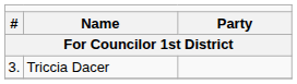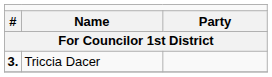 <table class=wikitable style="font-size:90%">
 <tr>
 <td colspan=4 bgcolor=></td>
 </tr>
 <tr>
 <th>#</th>
 <th width=150px>Name</th>
 <th colspan=2 width=110px>Party</th>
 </tr>
 <tr>
 <th colspan=5>For Councilor 1st District</th>
 </tr>
 <tr>
-<td>3.</td>
+<td><strong>3.</strong></td>
 <td>Triccia Dacer</td>
 <td></td>
 </tr>
 <tr>
 </tr>
 </table>
